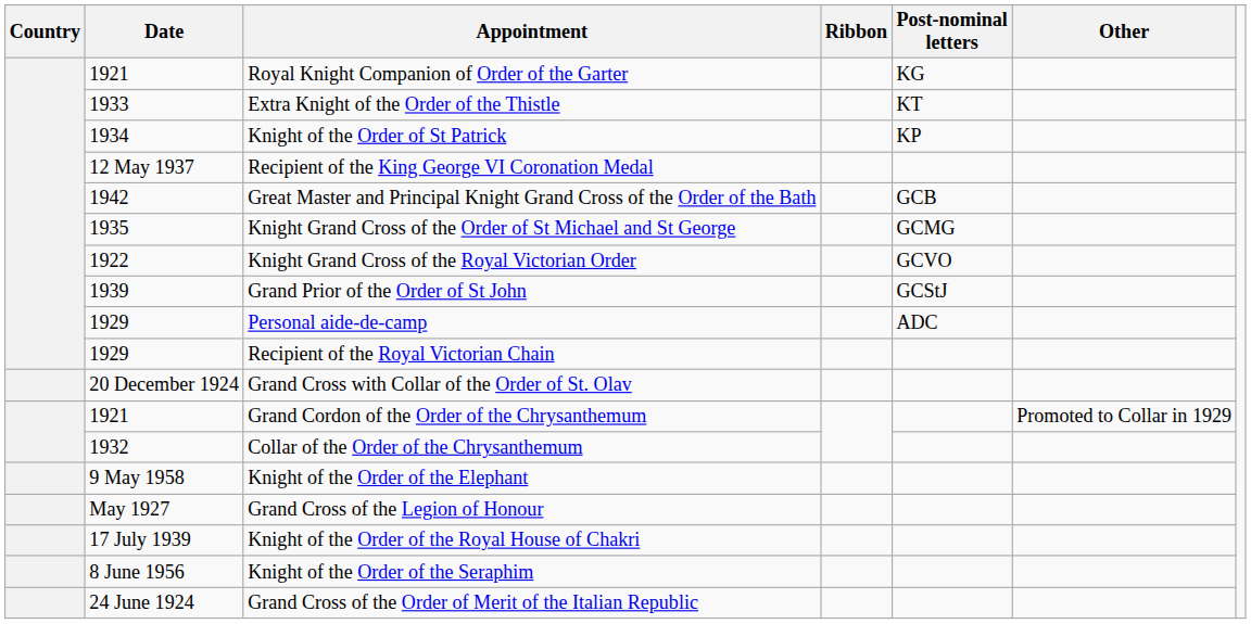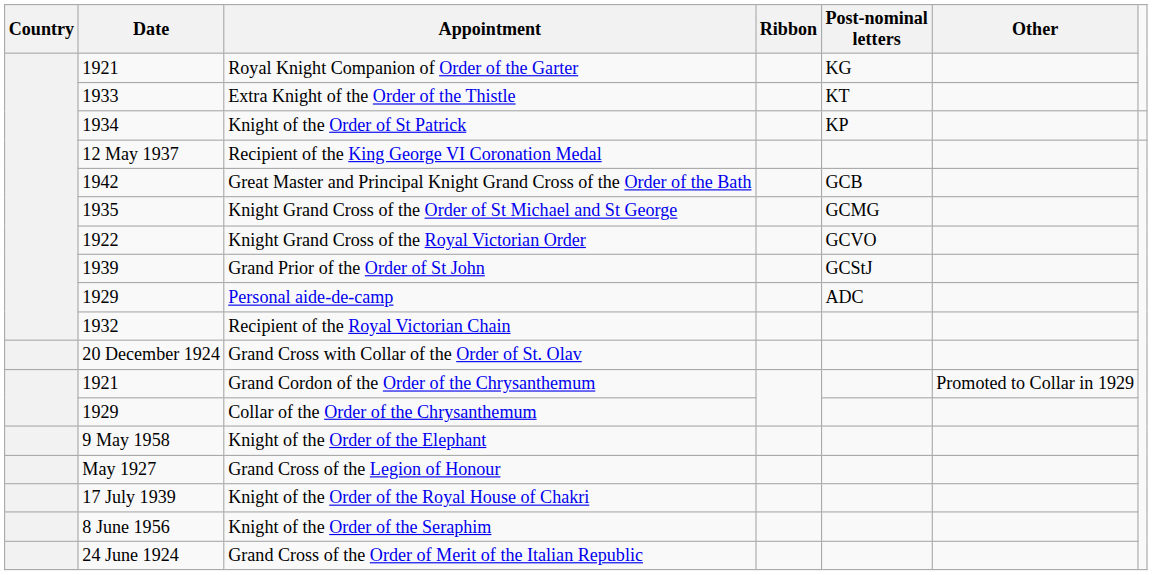 <table class="wikitable plainrowheaders">
 <tr>
 <th scope="col">Country</th>
 <th scope="col">Date</th>
 <th scope="col">Appointment</th>
 <th scope="col">Ribbon</th>
 <th scope="col">Post-nominal<br>letters</th>
 <th>Other</th>
 </tr>
 <tr>
 <th rowspan="10"></th>
 <td>1921</td>
 <td>Royal Knight Companion of <a href='#'>Order of the Garter</a></td>
 <td></td>
 <td>KG</td>
 <td></td>
 </tr>
 <tr>
 <td>1933</td>
 <td>Extra Knight of the <a href='#'>Order of the Thistle</a></td>
 <td></td>
 <td>KT</td>
 <td></td>
 </tr>
 <tr>
 <td>1934</td>
 <td>Knight of the <a href='#'>Order of St Patrick</a></td>
 <td></td>
 <td>KP</td>
 <td></td>
 <td></td>
 </tr>
 <tr>
 <td>12 May 1937</td>
 <td>Recipient of the <a href='#'>King George VI Coronation Medal</a></td>
 <td></td>
 <td></td>
 <td></td>
 </tr>
 <tr>
 <td>1942</td>
 <td>Great Master and Principal Knight Grand Cross of the <a href='#'>Order of the Bath</a></td>
 <td></td>
 <td>GCB</td>
 <td></td>
 </tr>
 <tr>
 <td>1935</td>
 <td>Knight Grand Cross of the <a href='#'>Order of St Michael and St George</a></td>
 <td></td>
 <td>GCMG</td>
 <td></td>
 </tr>
 <tr>
 <td>1922</td>
 <td>Knight Grand Cross of the <a href='#'>Royal Victorian Order</a></td>
 <td></td>
 <td>GCVO</td>
 <td></td>
 </tr>
 <tr>
 <td>1939</td>
 <td>Grand Prior of the <a href='#'>Order of St John</a></td>
 <td></td>
 <td>GCStJ</td>
 <td></td>
 </tr>
 <tr>
 <td>1929</td>
 <td><a href='#'>Personal aide-de-camp</a></td>
 <td></td>
 <td>ADC</td>
 <td></td>
 </tr>
 <tr>
-<td>1929</td>
+<td>1932</td>
 <td>Recipient of the <a href='#'>Royal Victorian Chain</a></td>
 <td></td>
 <td></td>
 <td></td>
 </tr>
 <tr>
 <th></th>
 <td>20 December 1924</td>
 <td>Grand Cross with Collar of the <a href='#'>Order of St. Olav</a></td>
 <td></td>
 <td></td>
 <td></td>
 </tr>
 <tr>
 <th rowspan="2"></th>
 <td>1921</td>
 <td>Grand Cordon of the <a href='#'>Order of the Chrysanthemum</a></td>
 <td rowspan="2"></td>
 <td></td>
 <td> Promoted to Collar in 1929</td>
 </tr>
 <tr>
-<td>1932</td>
+<td>1929</td>
 <td>Collar of the <a href='#'>Order of the Chrysanthemum</a></td>
 <td></td>
 <td></td>
 </tr>
 <tr>
 <th></th>
 <td>9 May 1958</td>
 <td>Knight of the <a href='#'>Order of the Elephant</a></td>
 <td></td>
 <td></td>
 <td></td>
 </tr>
 <tr>
 <th></th>
 <td>May 1927</td>
 <td>Grand Cross of the <a href='#'>Legion of Honour</a></td>
 <td></td>
 <td></td>
 <td></td>
 </tr>
 <tr>
 <th></th>
 <td>17 July 1939</td>
 <td>Knight of the <a href='#'>Order of the Royal House of Chakri</a></td>
 <td></td>
 <td></td>
 <td></td>
 </tr>
 <tr>
 <th></th>
 <td>8 June 1956</td>
 <td>Knight of the <a href='#'>Order of the Seraphim</a></td>
 <td></td>
 <td></td>
 <td></td>
 </tr>
 <tr>
 <th></th>
 <td>24 June 1924</td>
 <td>Grand Cross of the <a href='#'>Order of Merit of the Italian Republic</a></td>
 <td></td>
 <td></td>
 <td></td>
 </tr>
 </table>
